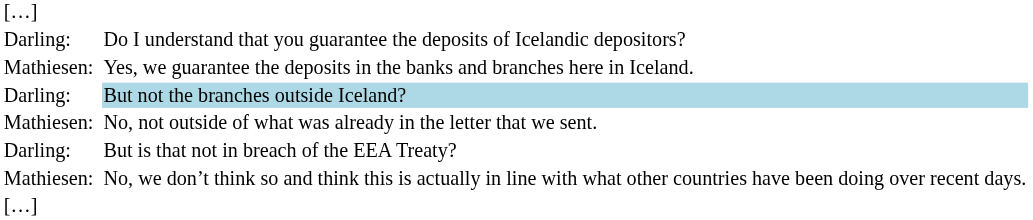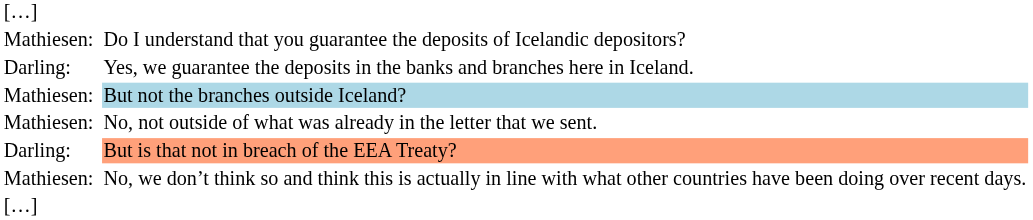 <table>
 <tr>
 <td colspan=2>[…]</td>
 </tr>
 <tr>
-<td valign="top">Darling:</td>
+<td valign="top">Mathiesen: </td>
 <td>Do I understand that you guarantee the deposits of Icelandic depositors?</td>
 </tr>
 <tr>
-<td valign="top">Mathiesen: </td>
+<td valign="top">Darling:</td>
 <td>Yes, we guarantee the deposits in the banks and branches here in Iceland.</td>
 </tr>
 <tr>
-<td valign="top">Darling:</td>
+<td valign="top">Mathiesen:</td>
 <td style="background: lightblue;">But not the branches outside Iceland?</td>
 </tr>
 <tr>
 <td valign="top">Mathiesen:</td>
 <td>No, not outside of what was already in the letter that we sent.</td>
 </tr>
 <tr>
 <td valign="top">Darling:</td>
-<td>But is that not in breach of the EEA Treaty?</td>
+<td style="background: lightsalmon;">But is that not in breach of the EEA Treaty?</td>
 </tr>
 <tr>
 <td valign="top">Mathiesen:</td>
 <td>No, we don’t think so and think this is actually in line with what other countries have been doing over recent days.</td>
 </tr>
 <tr>
 <td colspan=2>[…]</td>
 </tr>
 <tr>
 </tr>
 </table>
